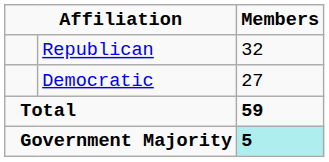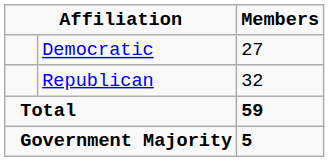 <table class="wikitable">
 <tr>
 <td colspan="2" rowspan="1" align="center" valign="top"><strong>Affiliation</strong></td>
 <td style="vertical-align:top;"><strong>Members</strong></td>
 </tr>
 <tr>
 <td style="background-color:"> </td>
-<td><a href='#'>Republican</a></td>
-<td>32</td>
+<td><a href='#'>Democratic</a></td>
+<td>27</td>
 </tr>
 <tr>
 <td style="background-color:"> </td>
-<td><a href='#'>Democratic</a></td>
-<td>27</td>
+<td><a href='#'>Republican</a></td>
+<td>32</td>
 </tr>
 <tr>
 <td colspan="2" rowspan="1"> <strong>Total</strong></td>
 <td><strong>59</strong></td>
 </tr>
 <tr>
 <td colspan="2" rowspan="1"> <strong>Government Majority</strong></td>
-<td style="background: paleturquoise;"><strong>5</strong></td>
+<td><strong>5</strong></td>
 </tr>
 </table>
